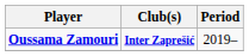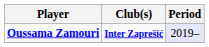 <table class="wikitable collapsible collapsed" style="text-align:center;font-size:95%">
 <tr>
 <th scope="col">Player</th>
 <th scope="col" class="unsortable">Club(s)</th>
 <th scope="col">Period</th>
 </tr>
 <tr>
 <td align="left"><strong><a href='#'>Oussama Zamouri</a></strong></td>
 <td><small><strong><a href='#'>Inter Zaprešić</a></strong></small></td>
-<td>2019–</td>
+<td style="background: lavender;">2019–</td>
 </tr>
 <tr>
 </tr>
 </table>
